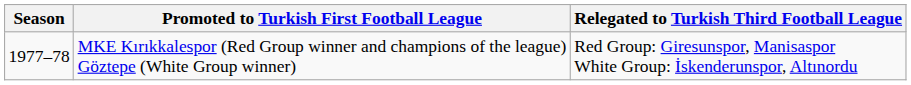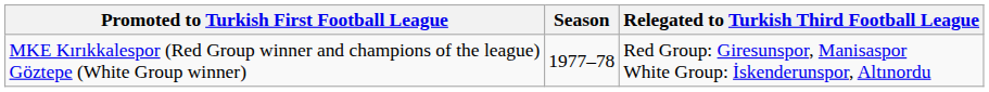 <table class="wikitable">
 <tr>
+<th>Promoted to <a href='#'>Turkish First Football League</a></th>
 <th>Season</th>
-<th>Promoted to <a href='#'>Turkish First Football League</a></th>
 <th>Relegated to <a href='#'>Turkish Third Football League</a></th>
 </tr>
 <tr>
+<td><a href='#'>MKE Kırıkkalespor</a> (Red Group winner and champions of the league)<br><a href='#'>Göztepe</a> (White Group winner)</td>
 <td>1977–78</td>
-<td><a href='#'>MKE Kırıkkalespor</a> (Red Group winner and champions of the league)<br><a href='#'>Göztepe</a> (White Group winner)</td>
 <td>Red Group: <a href='#'>Giresunspor</a>, <a href='#'>Manisaspor</a><br>White Group: <a href='#'>İskenderunspor</a>, <a href='#'>Altınordu</a></td>
 </tr>
 </table>
